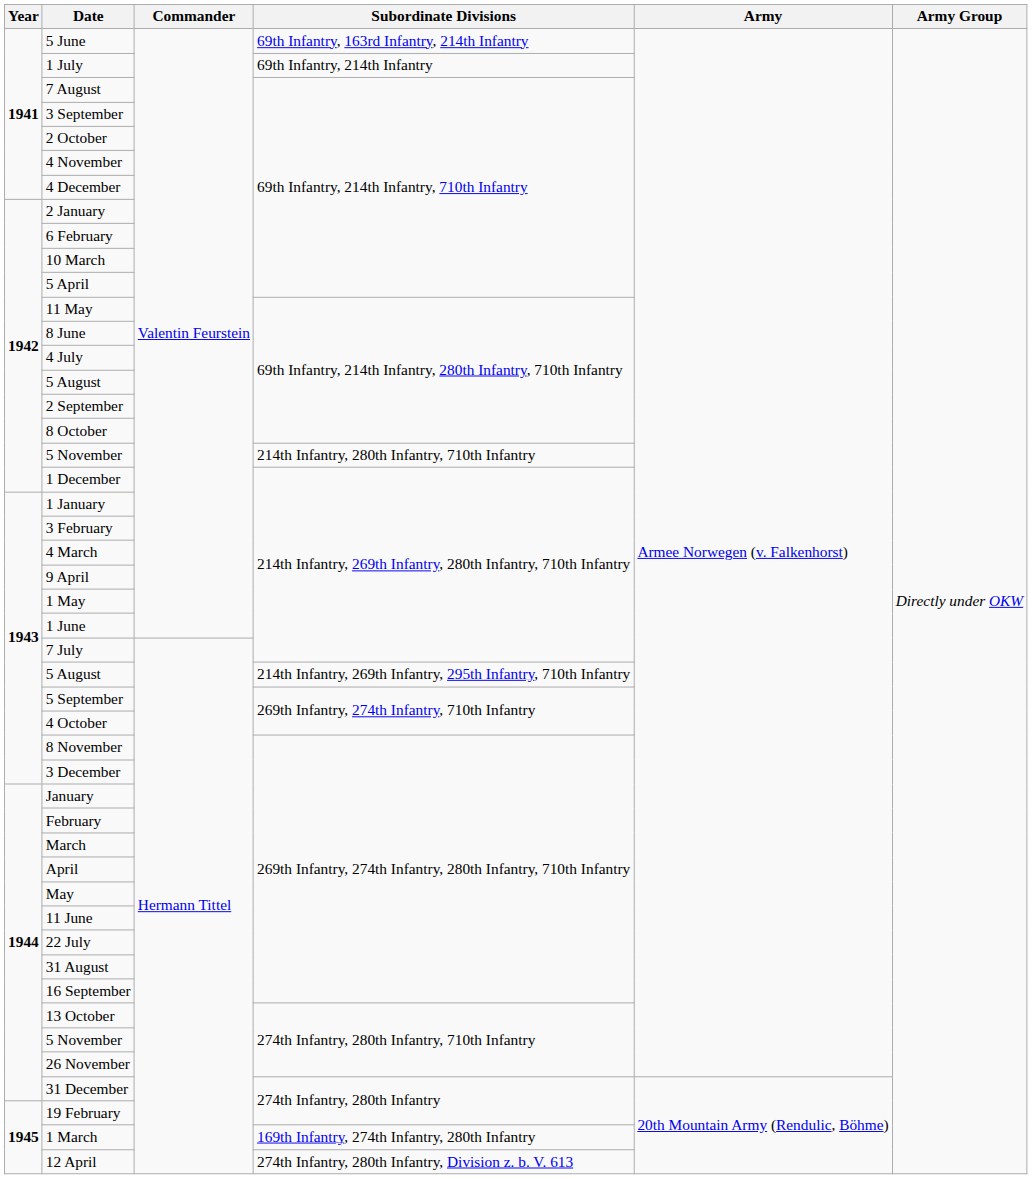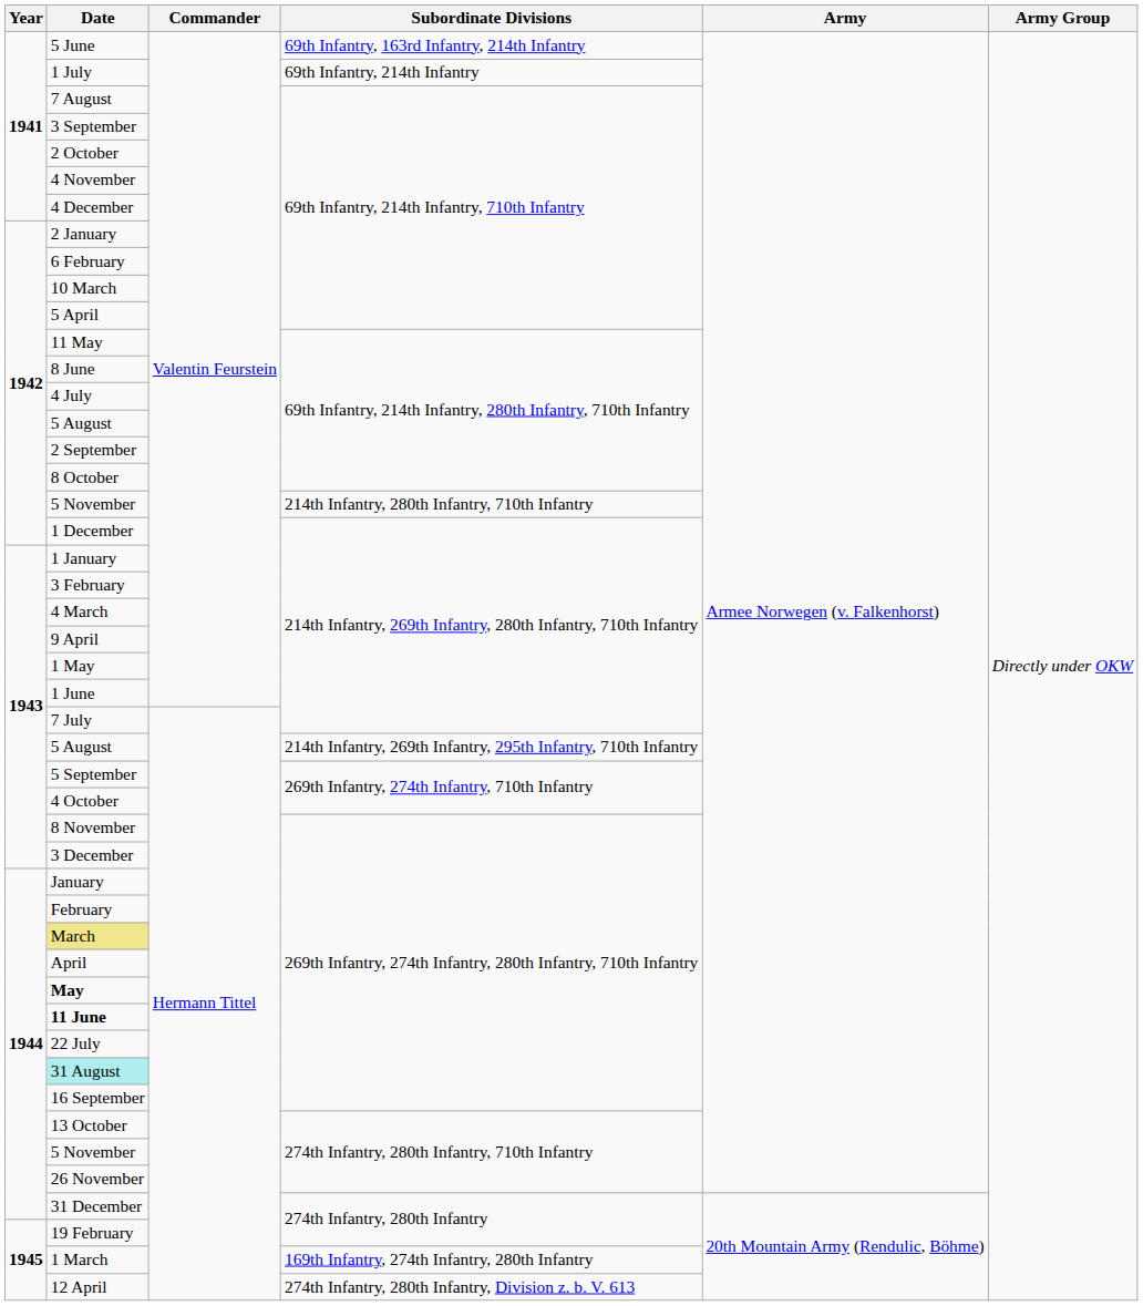 <table class="wikitable">
 <tr>
 <th>Year</th>
 <th>Date</th>
 <th>Commander</th>
 <th>Subordinate Divisions</th>
 <th>Army</th>
 <th>Army Group</th>
 </tr>
 <tr>
 <td rowspan="7"><strong>1941</strong></td>
 <td>5 June</td>
 <td rowspan="25"><a href='#'>Valentin Feurstein</a></td>
 <td><a href='#'>69th Infantry</a>, <a href='#'>163rd Infantry</a>, <a href='#'>214th Infantry</a></td>
 <td rowspan="43"><a href='#'>Armee Norwegen</a> (<a href='#'>v. Falkenhorst</a>)</td>
 <td rowspan="47"><em>Directly under <a href='#'>OKW</a></em></td>
 </tr>
 <tr>
 <td>1 July</td>
 <td>69th Infantry, 214th Infantry</td>
 </tr>
 <tr>
 <td>7 August</td>
 <td rowspan="9">69th Infantry, 214th Infantry, <a href='#'>710th Infantry</a></td>
 </tr>
 <tr>
 <td>3 September</td>
 </tr>
 <tr>
 <td>2 October</td>
 </tr>
 <tr>
 <td>4 November</td>
 </tr>
 <tr>
 <td>4 December</td>
 </tr>
 <tr>
 <td rowspan="12"><strong>1942</strong></td>
 <td>2 January</td>
 </tr>
 <tr>
 <td>6 February</td>
 </tr>
 <tr>
 <td>10 March</td>
 </tr>
 <tr>
 <td>5 April</td>
 </tr>
 <tr>
 <td>11 May</td>
 <td rowspan="6">69th Infantry, 214th Infantry, <a href='#'>280th Infantry</a>, 710th Infantry</td>
 </tr>
 <tr>
 <td>8 June</td>
 </tr>
 <tr>
 <td>4 July</td>
 </tr>
 <tr>
 <td>5 August</td>
 </tr>
 <tr>
 <td>2 September</td>
 </tr>
 <tr>
 <td>8 October</td>
 </tr>
 <tr>
 <td>5 November</td>
 <td>214th Infantry, 280th Infantry, 710th Infantry</td>
 </tr>
 <tr>
 <td>1 December</td>
 <td rowspan="8">214th Infantry, <a href='#'>269th Infantry</a>, 280th Infantry, 710th Infantry</td>
 </tr>
 <tr>
 <td rowspan="12"><strong>1943</strong></td>
 <td>1 January</td>
 </tr>
 <tr>
 <td>3 February</td>
 </tr>
 <tr>
 <td>4 March</td>
 </tr>
 <tr>
 <td>9 April</td>
 </tr>
 <tr>
 <td>1 May</td>
 </tr>
 <tr>
 <td>1 June</td>
 </tr>
 <tr>
 <td>7 July</td>
 <td rowspan="22"><a href='#'>Hermann Tittel</a></td>
 </tr>
 <tr>
 <td>5 August</td>
 <td>214th Infantry, 269th Infantry, <a href='#'>295th Infantry</a>, 710th Infantry</td>
 </tr>
 <tr>
 <td>5 September</td>
 <td rowspan="2">269th Infantry, <a href='#'>274th Infantry</a>, 710th Infantry</td>
 </tr>
 <tr>
 <td>4 October</td>
 </tr>
 <tr>
 <td>8 November</td>
 <td rowspan="11">269th Infantry, 274th Infantry, 280th Infantry, 710th Infantry</td>
 </tr>
 <tr>
 <td>3 December</td>
 </tr>
 <tr>
 <td rowspan="13"><strong>1944</strong></td>
 <td>January</td>
 </tr>
 <tr>
 <td>February</td>
 </tr>
 <tr>
-<td>March</td>
+<td style="background: khaki;">March</td>
 </tr>
 <tr>
 <td>April</td>
 </tr>
 <tr>
-<td>May</td>
+<td><strong>May</strong></td>
 </tr>
 <tr>
-<td>11 June</td>
+<td><strong>11 June</strong></td>
 </tr>
 <tr>
 <td>22 July</td>
 </tr>
 <tr>
-<td>31 August</td>
+<td style="background: paleturquoise;">31 August</td>
 </tr>
 <tr>
 <td>16 September</td>
 </tr>
 <tr>
 <td>13 October</td>
 <td rowspan="3">274th Infantry, 280th Infantry, 710th Infantry</td>
 </tr>
 <tr>
 <td>5 November</td>
 </tr>
 <tr>
 <td>26 November</td>
 </tr>
 <tr>
 <td>31 December</td>
 <td rowspan="2">274th Infantry, 280th Infantry</td>
 <td rowspan="4"><a href='#'>20th Mountain Army</a> (<a href='#'>Rendulic</a>, <a href='#'>Böhme</a>)</td>
 </tr>
 <tr>
 <td rowspan="3"><strong>1945</strong></td>
 <td>19 February</td>
 </tr>
 <tr>
 <td>1 March</td>
 <td><a href='#'>169th Infantry</a>, 274th Infantry, 280th Infantry</td>
 </tr>
 <tr>
 <td>12 April</td>
 <td>274th Infantry, 280th Infantry, <a href='#'>Division z. b. V. 613</a></td>
 </tr>
 </table>
